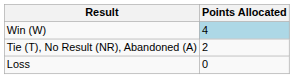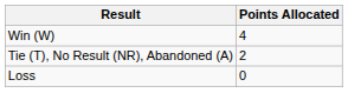 <table class="wikitable sortable">
 <tr>
 <th>Result</th>
 <th>Points Allocated</th>
 </tr>
 <tr>
 <td>Win (W)</td>
-<td style="background: lightblue;">4</td>
+<td>4</td>
 </tr>
 <tr>
 <td>Tie (T), No Result (NR), Abandoned (A)</td>
 <td>2</td>
 </tr>
 <tr>
 <td>Loss</td>
 <td>0</td>
 </tr>
 </table>
